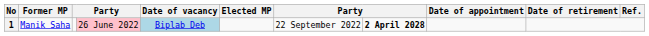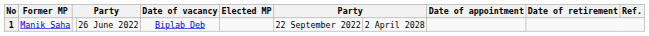 <table class="wikitable">
 <tr>
 <th>No</th>
 <th>Former MP</th>
 <th colspan="2">Party</th>
 <th>Date of vacancy</th>
 <th>Elected MP</th>
 <th colspan="2">Party</th>
 <th><strong>Date of appointment</strong></th>
 <th>Date of retirement</th>
 <th>Ref.</th>
 </tr>
 <tr style="text-align:center;">
 <th>1</th>
 <td><a href='#'>Manik Saha</a></td>
 <td></td>
-<td style="background: pink;">26 June 2022</td>
-<td style="background: lightblue;"><a href='#'>Biplab Deb</a></td>
+<td>26 June 2022</td>
+<td><a href='#'>Biplab Deb</a></td>
 <td></td>
 <td>22 September 2022</td>
-<td><strong>2 April 2028</strong></td>
+<td>2 April 2028</td>
 <td></td>
 </tr>
 </table>
